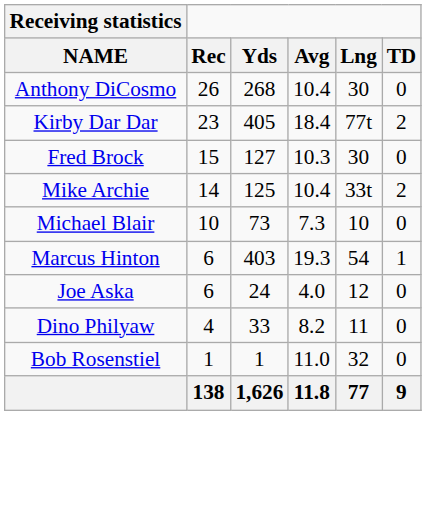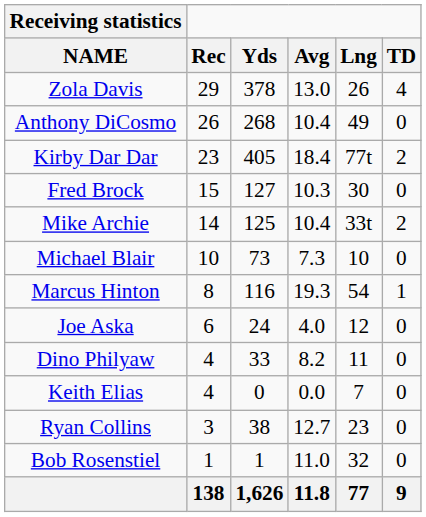 <table class="wikitable sortable" style="text-align:center;">
 <tr>
 <th style="text-align:center;">Receiving statistics</th>
 </tr>
 <tr>
 <th>NAME</th>
 <th>Rec</th>
 <th>Yds</th>
 <th>Avg</th>
 <th>Lng</th>
 <th>TD</th>
 </tr>
 <tr>
+<td><a href='#'>Zola Davis</a></td>
+<td>29</td>
+<td>378</td>
+<td>13.0</td>
+<td>26</td>
+<td>4</td>
+</tr>
+<tr>
 <td><a href='#'>Anthony DiCosmo</a></td>
 <td>26</td>
 <td>268</td>
 <td>10.4</td>
-<td>30</td>
+<td>49</td>
 <td>0</td>
 </tr>
 <tr>
 <td><a href='#'>Kirby Dar Dar</a></td>
 <td>23</td>
 <td>405</td>
 <td>18.4</td>
 <td>77t</td>
 <td>2</td>
 </tr>
 <tr>
 <td><a href='#'>Fred Brock</a></td>
 <td>15</td>
 <td>127</td>
 <td>10.3</td>
 <td>30</td>
 <td>0</td>
 </tr>
 <tr>
 <td><a href='#'>Mike Archie</a></td>
 <td>14</td>
 <td>125</td>
 <td>10.4</td>
 <td>33t</td>
 <td>2</td>
 </tr>
 <tr>
 <td><a href='#'>Michael Blair</a></td>
 <td>10</td>
 <td>73</td>
 <td>7.3</td>
 <td>10</td>
 <td>0</td>
 </tr>
 <tr>
 <td><a href='#'>Marcus Hinton</a></td>
-<td>6</td>
-<td>403</td>
+<td>8</td>
+<td>116</td>
 <td>19.3</td>
 <td>54</td>
 <td>1</td>
 </tr>
 <tr>
 <td><a href='#'>Joe Aska</a></td>
 <td>6</td>
 <td>24</td>
 <td>4.0</td>
 <td>12</td>
 <td>0</td>
 </tr>
 <tr>
 <td><a href='#'>Dino Philyaw</a></td>
 <td>4</td>
 <td>33</td>
 <td>8.2</td>
 <td>11</td>
 <td>0</td>
 </tr>
 <tr>
+<td><a href='#'>Keith Elias</a></td>
+<td>4</td>
+<td>0</td>
+<td>0.0</td>
+<td>7</td>
+<td>0</td>
+</tr>
+<tr>
+<td><a href='#'>Ryan Collins</a></td>
+<td>3</td>
+<td>38</td>
+<td>12.7</td>
+<td>23</td>
+<td>0</td>
+</tr>
+<tr>
 <td><a href='#'>Bob Rosenstiel</a></td>
 <td>1</td>
 <td>1</td>
 <td>11.0</td>
 <td>32</td>
 <td>0</td>
 </tr>
 <tr>
 <th colspan="1"></th>
 <th>138</th>
 <th>1,626</th>
 <th>11.8</th>
 <th>77</th>
 <th>9</th>
 </tr>
 </table>
